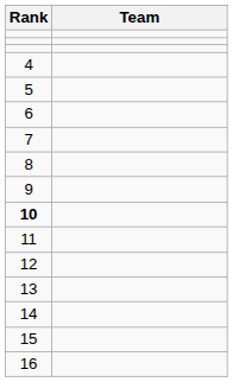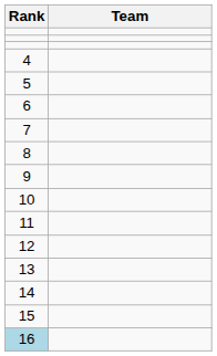 <table class="wikitable" style="text-align:center">
 <tr>
 <th width=40>Rank</th>
 <th width=170>Team</th>
 </tr>
 <tr>
 <td></td>
 <td style="text-align:left"></td>
 </tr>
 <tr>
 <td></td>
 <td style="text-align:left"></td>
 </tr>
 <tr>
 <td></td>
 <td style="text-align:left"></td>
 </tr>
 <tr>
 <td>4</td>
 <td style="text-align:left"></td>
 </tr>
 <tr>
 <td>5</td>
 <td style="text-align:left"></td>
 </tr>
 <tr>
 <td>6</td>
 <td style="text-align:left"></td>
 </tr>
 <tr>
 <td>7</td>
 <td style="text-align:left"></td>
 </tr>
 <tr>
 <td>8</td>
 <td style="text-align:left"></td>
 </tr>
 <tr>
 <td>9</td>
 <td style="text-align:left"></td>
 </tr>
 <tr>
-<td><strong>10</strong></td>
+<td>10</td>
 <td style="text-align:left"></td>
 </tr>
 <tr>
 <td>11</td>
 <td style="text-align:left"></td>
 </tr>
 <tr>
 <td>12</td>
 <td style="text-align:left"></td>
 </tr>
 <tr>
 <td>13</td>
 <td style="text-align:left"></td>
 </tr>
 <tr>
 <td>14</td>
 <td style="text-align:left"></td>
 </tr>
 <tr>
 <td>15</td>
 <td style="text-align:left"></td>
 </tr>
 <tr>
-<td>16</td>
+<td style="background: lightblue;">16</td>
 <td style="text-align:left"></td>
 </tr>
 </table>
